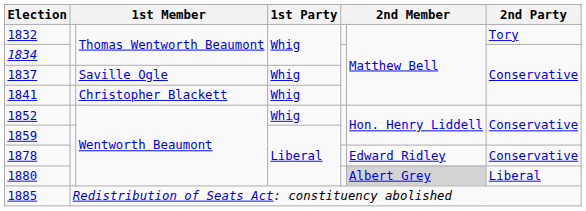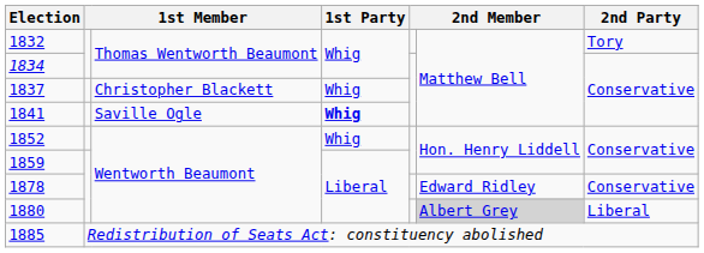 <table class="wikitable">
 <tr>
 <th>Election</th>
 <th colspan="2">1st Member</th>
 <th>1st Party</th>
 <th colspan="2">2nd Member</th>
 <th>2nd Party</th>
 </tr>
 <tr>
 <td><a href='#'>1832</a></td>
 <td rowspan="2" style="color:inherit;background-color: "></td>
 <td rowspan="2"><a href='#'>Thomas Wentworth Beaumont</a></td>
 <td rowspan="2"><a href='#'>Whig</a></td>
 <td style="color:inherit;background-color: "></td>
 <td rowspan="4"><a href='#'>Matthew Bell</a></td>
 <td><a href='#'>Tory</a></td>
 </tr>
 <tr>
 <td><em><a href='#'>1834</a></em></td>
 <td rowspan="3" style="color:inherit;background-color: "></td>
 <td rowspan="3"><a href='#'>Conservative</a></td>
 </tr>
 <tr>
 <td><a href='#'>1837</a></td>
 <td style="color:inherit;background-color: "></td>
-<td><a href='#'>Saville Ogle</a></td>
+<td><a href='#'>Christopher Blackett</a></td>
 <td><a href='#'>Whig</a></td>
 </tr>
 <tr>
 <td><a href='#'>1841</a></td>
 <td style="color:inherit;background-color: "></td>
-<td><a href='#'>Christopher Blackett</a></td>
-<td><a href='#'>Whig</a></td>
+<td><a href='#'>Saville Ogle</a></td>
+<td><strong><a href='#'>Whig</a></strong></td>
 </tr>
 <tr>
 <td><a href='#'>1852</a></td>
 <td style="color:inherit;background-color: "></td>
 <td rowspan="4"><a href='#'>Wentworth Beaumont</a></td>
 <td><a href='#'>Whig</a></td>
 <td rowspan="2" style="color:inherit;background-color: "></td>
 <td rowspan="2"><a href='#'>Hon. Henry Liddell</a></td>
 <td rowspan="2"><a href='#'>Conservative</a></td>
 </tr>
 <tr>
 <td><a href='#'>1859</a></td>
 <td rowspan="3" style="color:inherit;background-color: "></td>
 <td rowspan="3"><a href='#'>Liberal</a></td>
 </tr>
 <tr>
 <td><a href='#'>1878</a></td>
 <td style="color:inherit;background-color: "></td>
 <td><a href='#'>Edward Ridley</a></td>
 <td><a href='#'>Conservative</a></td>
 </tr>
 <tr>
 <td><a href='#'>1880</a></td>
 <td style="color:inherit;background-color: "></td>
 <td style="background: lightgrey;"><a href='#'>Albert Grey</a></td>
 <td><a href='#'>Liberal</a></td>
 </tr>
 <tr>
 <td><a href='#'>1885</a></td>
 <td colspan="6"><em><a href='#'>Redistribution of Seats Act</a>: constituency abolished</em></td>
 </tr>
 </table>
